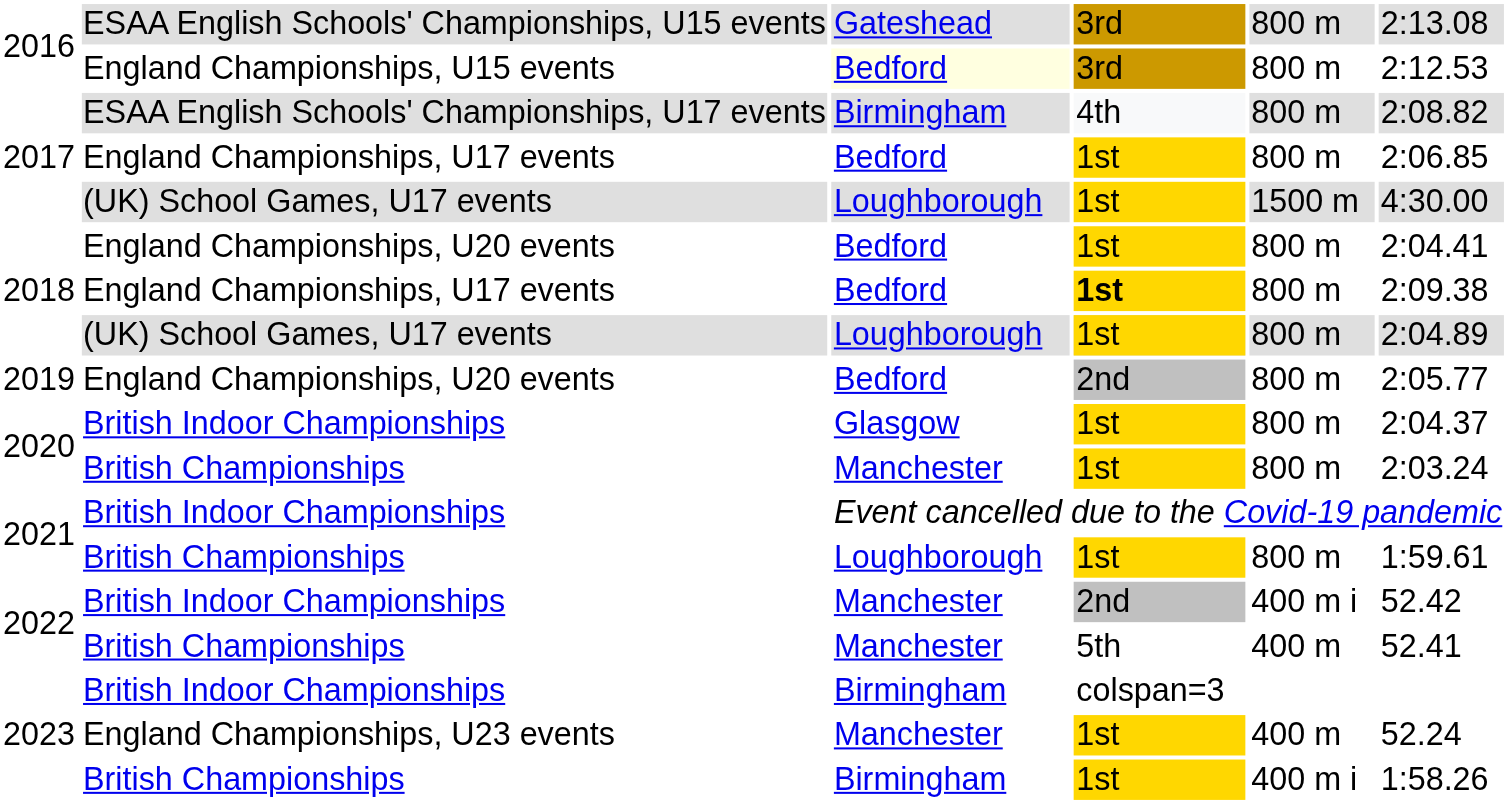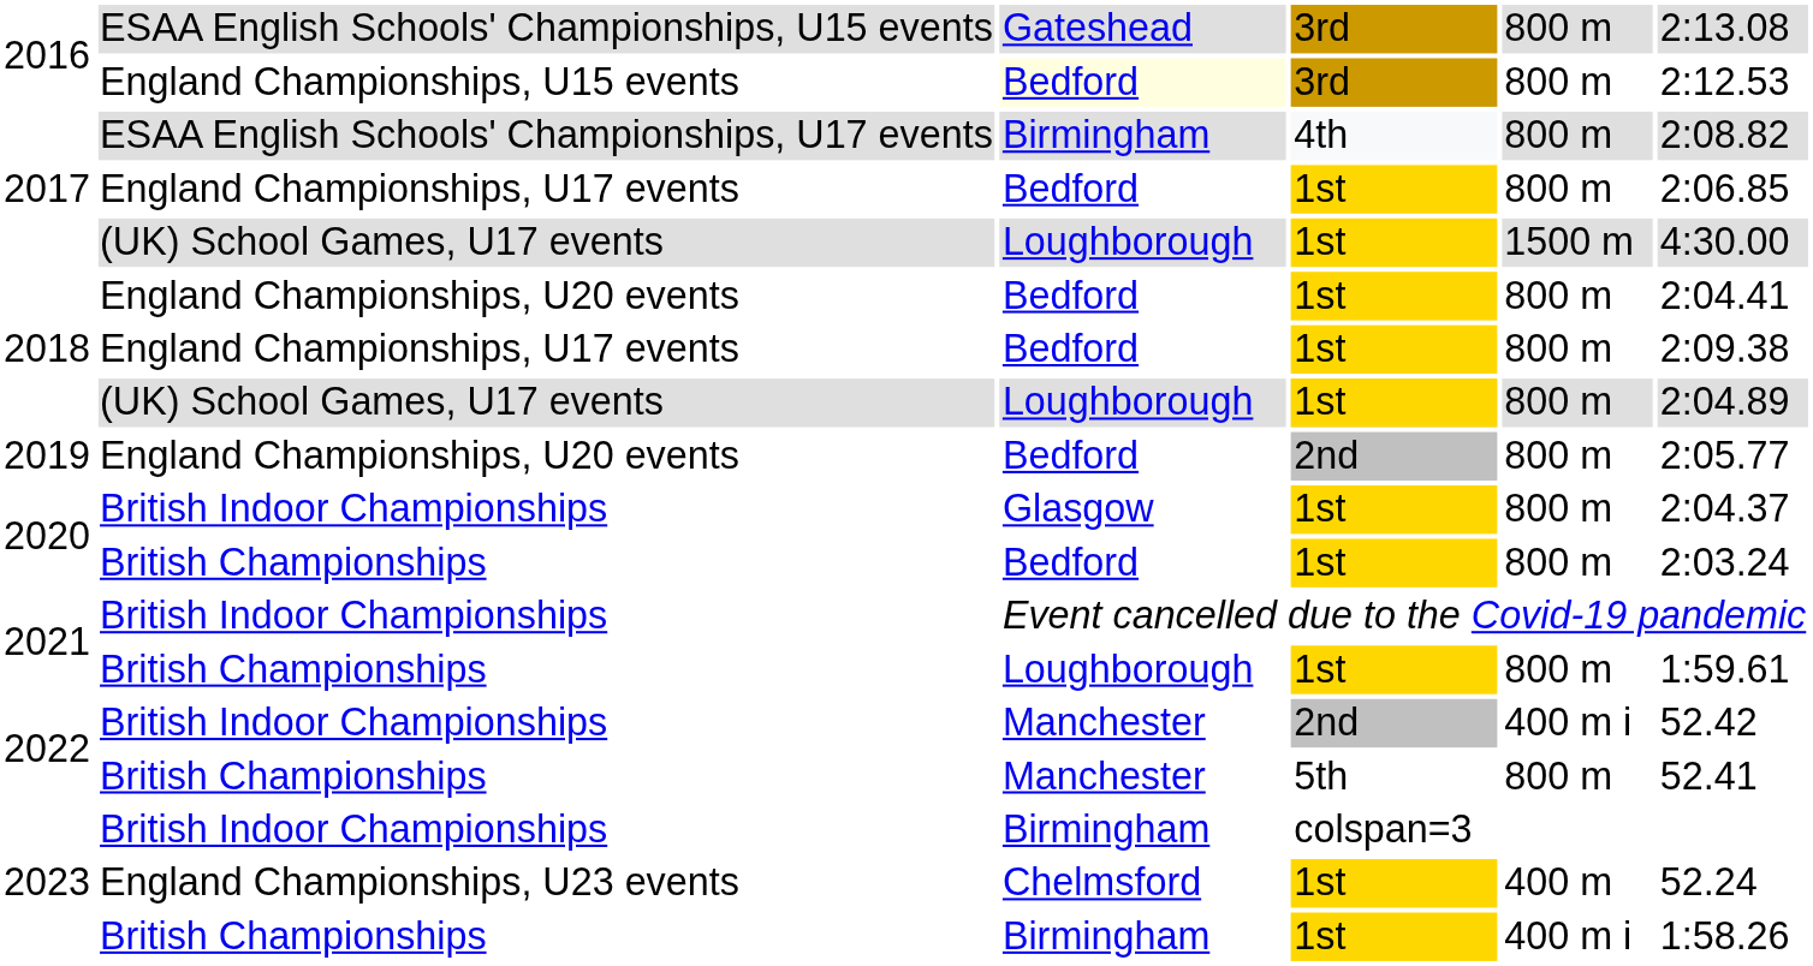 <table>
 <tr>
 <td rowspan=2>2016</td>
 <td bgcolor=DFDFDF>ESAA English Schools' Championships, U15 events</td>
 <td bgcolor=DFDFDF><a href='#'>Gateshead</a></td>
 <td bgcolor=cc9900>3rd</td>
 <td bgcolor=DFDFDF>800 m</td>
 <td bgcolor=DFDFDF>2:13.08</td>
 </tr>
 <tr>
 <td>England Championships, U15 events</td>
 <td style="background: lightyellow;"><a href='#'>Bedford</a></td>
 <td bgcolor=cc9900>3rd</td>
 <td>800 m</td>
 <td>2:12.53</td>
 </tr>
 <tr>
 <td rowspan=3>2017</td>
 <td bgcolor=DFDFDF>ESAA English Schools' Championships, U17 events</td>
 <td bgcolor=DFDFDF><a href='#'>Birmingham</a></td>
 <td bgcolor=#F8F9FA>4th</td>
 <td bgcolor=DFDFDF>800 m</td>
 <td bgcolor=DFDFDF>2:08.82</td>
 </tr>
 <tr>
 <td>England Championships, U17 events</td>
 <td><a href='#'>Bedford</a></td>
 <td bgcolor=gold>1st</td>
 <td>800 m</td>
 <td>2:06.85</td>
 </tr>
 <tr>
 <td bgcolor=DFDFDF>(UK) School Games, U17 events</td>
 <td bgcolor=DFDFDF><a href='#'>Loughborough</a></td>
 <td bgcolor=gold>1st</td>
 <td bgcolor=DFDFDF>1500 m</td>
 <td bgcolor=DFDFDF>4:30.00</td>
 </tr>
 <tr>
 <td rowspan=3>2018</td>
 <td>England Championships, U20 events</td>
 <td><a href='#'>Bedford</a></td>
 <td bgcolor=gold>1st</td>
 <td>800 m</td>
 <td>2:04.41</td>
 </tr>
 <tr>
 <td>England Championships, U17 events</td>
 <td><a href='#'>Bedford</a></td>
-<td bgcolor=gold><strong>1st</strong></td>
+<td bgcolor=gold>1st</td>
 <td>800 m</td>
 <td>2:09.38</td>
 </tr>
 <tr style="background:#DFDFDF;">
 <td>(UK) School Games, U17 events</td>
 <td><a href='#'>Loughborough</a></td>
 <td bgcolor=gold>1st</td>
 <td>800 m</td>
 <td>2:04.89 </td>
 </tr>
 <tr>
 <td>2019</td>
 <td>England Championships, U20 events</td>
 <td><a href='#'>Bedford</a></td>
 <td bgcolor=silver>2nd</td>
 <td>800 m</td>
 <td>2:05.77</td>
 </tr>
 <tr>
 <td rowspan=2>2020</td>
 <td><a href='#'>British Indoor Championships</a></td>
 <td><a href='#'>Glasgow</a></td>
 <td bgcolor=gold>1st</td>
 <td>800 m </td>
 <td>2:04.37</td>
 </tr>
 <tr>
 <td><a href='#'>British Championships</a></td>
-<td><a href='#'>Manchester</a></td>
+<td><a href='#'>Bedford</a></td>
 <td bgcolor=gold>1st</td>
 <td>800 m</td>
 <td>2:03.24</td>
 </tr>
 <tr>
 <td rowspan=2>2021</td>
 <td><a href='#'>British Indoor Championships</a></td>
 <td colspan=4><em>Event cancelled due to the <a href='#'>Covid-19 pandemic</a></em></td>
 </tr>
 <tr>
 <td><a href='#'>British Championships</a></td>
 <td><a href='#'>Loughborough</a></td>
 <td bgcolor=gold>1st</td>
 <td>800 m</td>
 <td>1:59.61</td>
 </tr>
 <tr>
 <td rowspan=2>2022</td>
 <td><a href='#'>British Indoor Championships</a></td>
 <td><a href='#'>Manchester</a></td>
 <td bgcolor=silver>2nd</td>
 <td>400 m i</td>
 <td>52.42 </td>
 </tr>
 <tr>
 <td><a href='#'>British Championships</a></td>
 <td><a href='#'>Manchester</a></td>
 <td>5th</td>
-<td>400 m</td>
+<td>800 m</td>
 <td>52.41 </td>
 </tr>
 <tr>
 <td rowspan=3>2023</td>
 <td><a href='#'>British Indoor Championships</a></td>
 <td><a href='#'>Birmingham</a></td>
 <td>colspan=3 </td>
 </tr>
 <tr>
 <td>England Championships, U23 events</td>
-<td><a href='#'>Manchester</a></td>
+<td><a href='#'>Chelmsford</a></td>
 <td bgcolor=gold>1st</td>
 <td>400 m</td>
 <td>52.24  </td>
 </tr>
 <tr>
 <td><a href='#'>British Championships</a></td>
 <td><a href='#'>Birmingham</a></td>
 <td bgcolor=gold>1st</td>
 <td>400 m i</td>
 <td>1:58.26 <a href='#'></a></td>
 </tr>
 </table>
